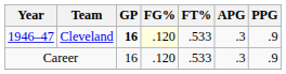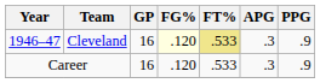 <table class="wikitable sortable" style="font-size:95%; text-align:right;">
 <tr>
 <th>Year</th>
 <th>Team</th>
 <th>GP</th>
 <th>FG%</th>
 <th>FT%</th>
 <th>APG</th>
 <th>PPG</th>
 </tr>
 <tr>
 <td style="text-align:left;"><a href='#'>1946–47</a></td>
 <td style="text-align:left;"><a href='#'>Cleveland</a></td>
-<td><strong>16</strong></td>
+<td>16</td>
 <td style="background: lightyellow;">.120</td>
-<td>.533</td>
+<td style="background: khaki;">.533</td>
 <td>.3</td>
 <td>.9</td>
 </tr>
 <tr>
 <td style="text-align:center;" colspan="2">Career</td>
 <td>16</td>
 <td>.120</td>
 <td>.533</td>
 <td>.3</td>
 <td>.9</td>
 </tr>
 <tr>
 </tr>
 </table>
